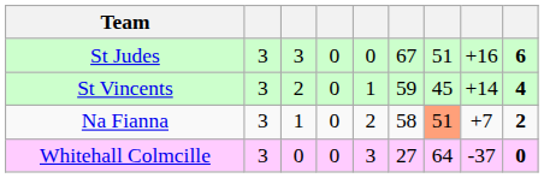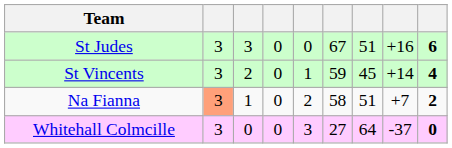 <table class="wikitable" style="text-align:center">
 <tr>
 <th style="width:175px;">Team</th>
 <th width="20"></th>
 <th width="20"></th>
 <th width="20"></th>
 <th width="20"></th>
 <th width="20"></th>
 <th width="20"></th>
 <th width="20"></th>
 <th width="20"></th>
 </tr>
 <tr style="background:#cfc;">
 <td><a href='#'>St Judes</a></td>
 <td>3</td>
 <td>3</td>
 <td>0</td>
 <td>0</td>
 <td>67</td>
 <td>51</td>
 <td>+16</td>
 <td><strong>6</strong></td>
 </tr>
 <tr style="background:#cfc;">
 <td><a href='#'>St Vincents</a></td>
 <td>3</td>
 <td>2</td>
 <td>0</td>
 <td>1</td>
 <td>59</td>
 <td>45</td>
 <td>+14</td>
 <td><strong>4</strong></td>
 </tr>
 <tr>
 <td><a href='#'>Na Fianna</a></td>
-<td>3</td>
+<td style="background: lightsalmon;">3</td>
 <td>1</td>
 <td>0</td>
 <td>2</td>
 <td>58</td>
-<td style="background: lightsalmon;">51</td>
+<td>51</td>
 <td>+7</td>
 <td><strong>2</strong></td>
 </tr>
 <tr style="background:#fcf;">
 <td><a href='#'>Whitehall Colmcille</a></td>
 <td>3</td>
 <td>0</td>
 <td>0</td>
 <td>3</td>
 <td>27</td>
 <td>64</td>
 <td>-37</td>
 <td><strong>0</strong></td>
 </tr>
 </table>
